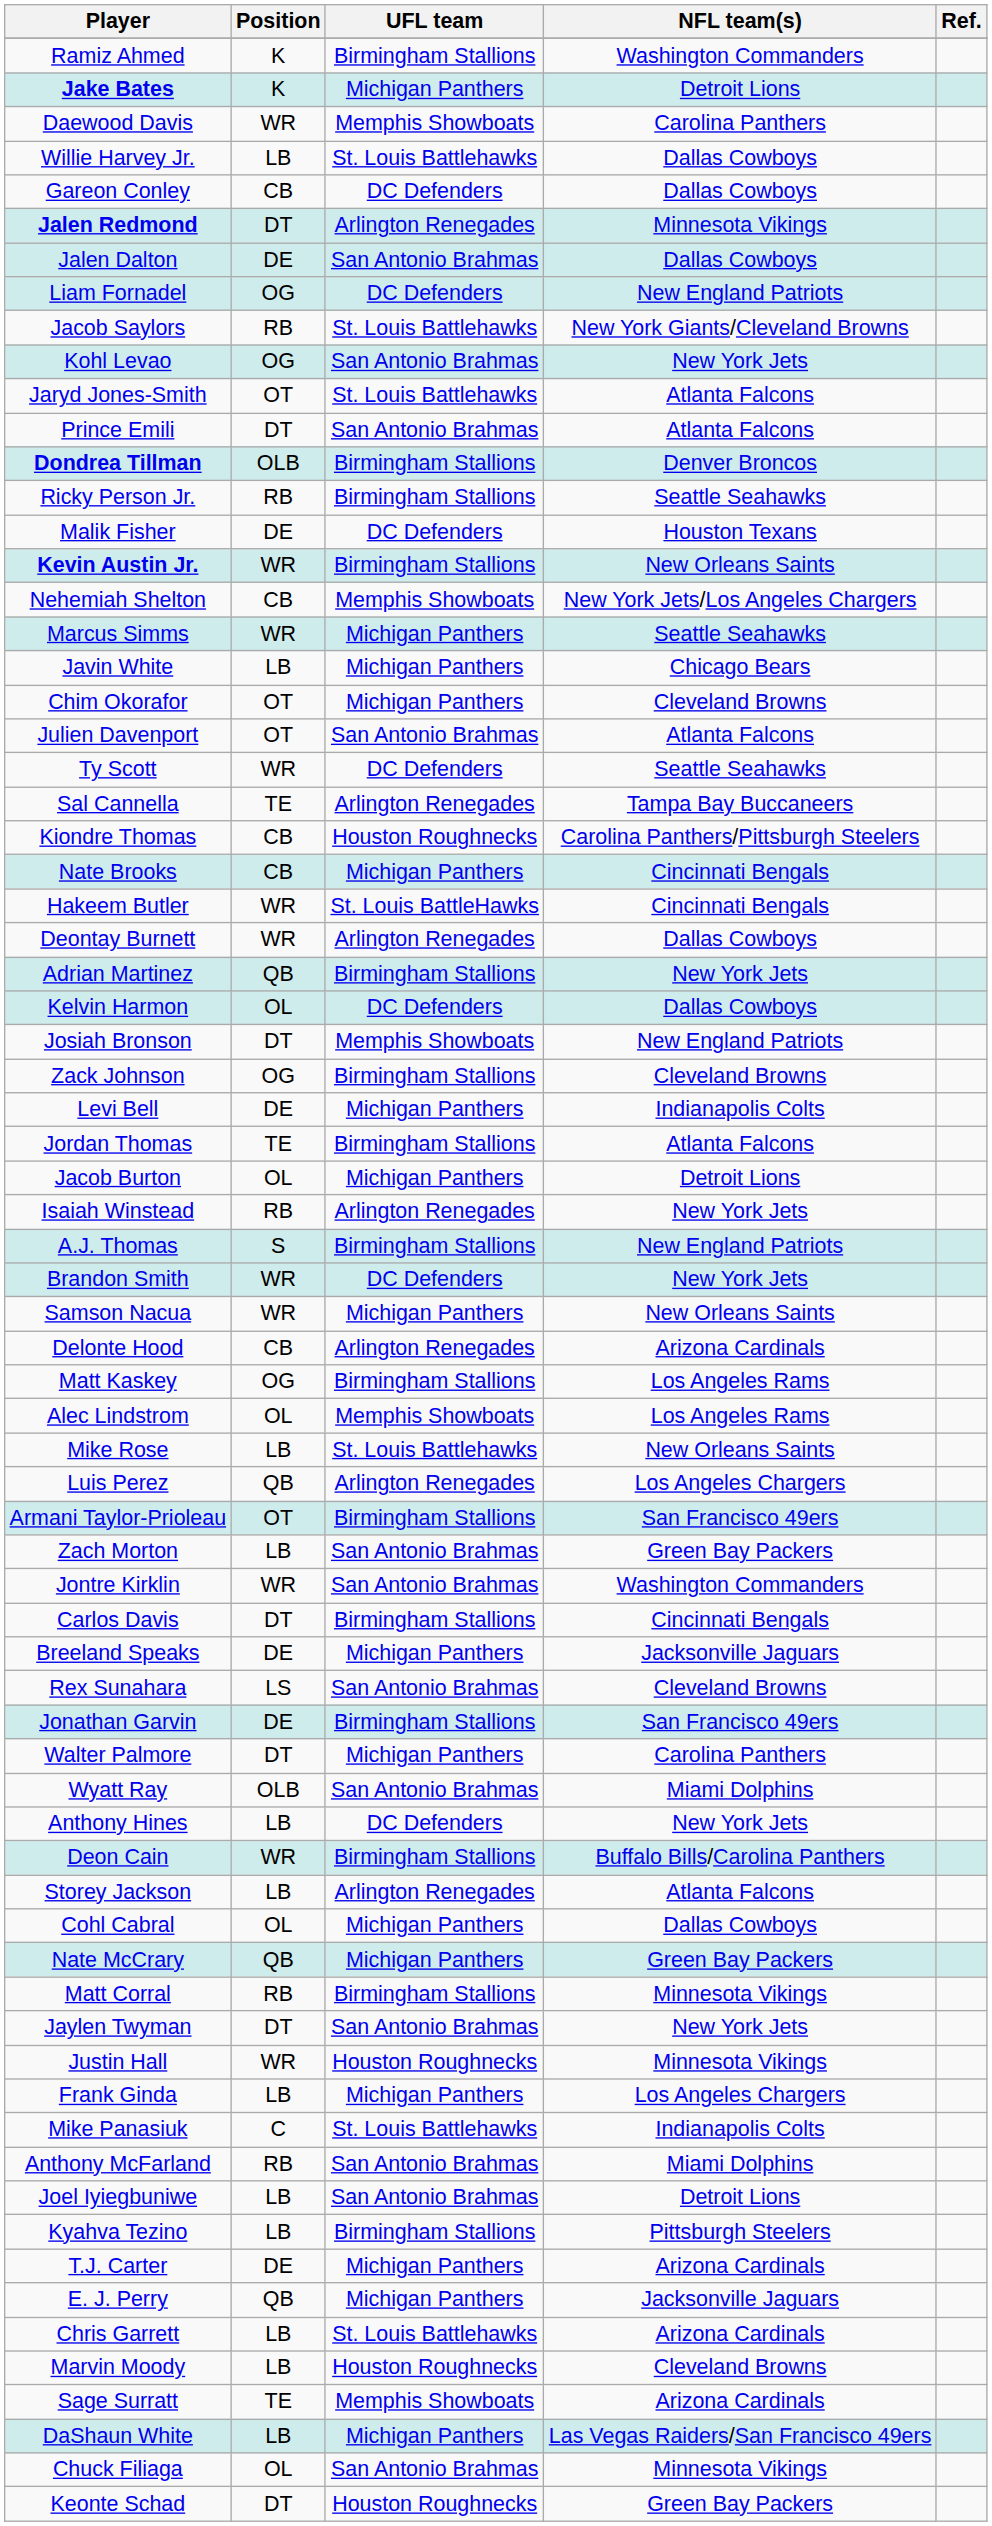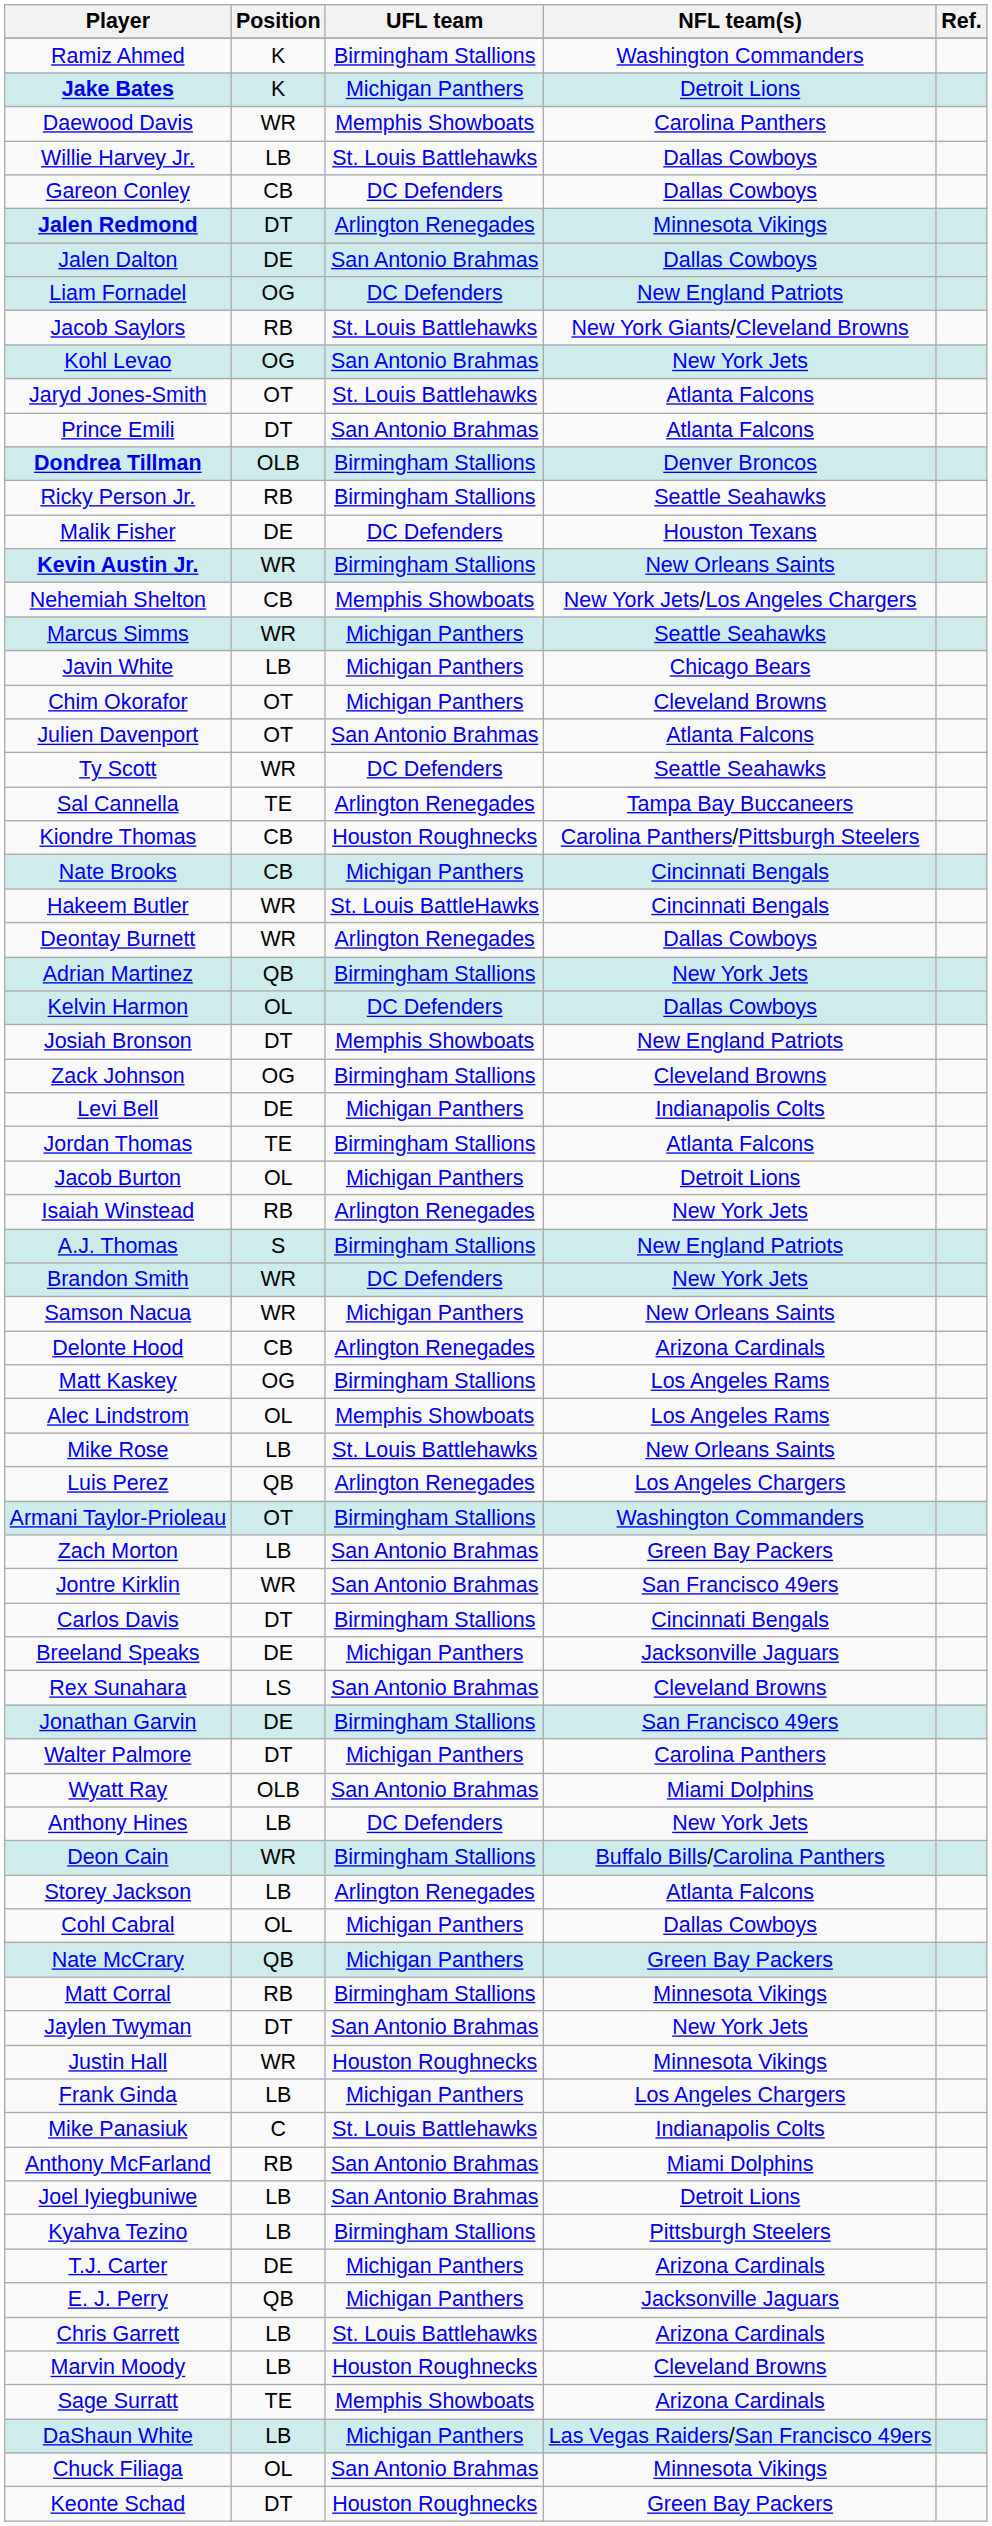 <table class="wikitable sortable" style="text-align:center;">
 <tr>
 <th>Player</th>
 <th>Position</th>
 <th>UFL team</th>
 <th>NFL team(s)</th>
 <th class=unsortable>Ref.</th>
 </tr>
 <tr>
 </tr>
 <tr>
 <td><a href='#'>Ramiz Ahmed</a></td>
 <td>K</td>
 <td><a href='#'>Birmingham Stallions</a></td>
 <td><a href='#'>Washington Commanders</a></td>
 <td></td>
 </tr>
 <tr style="background:#cfecec">
 <td><strong><a href='#'>Jake Bates</a></strong></td>
 <td>K</td>
 <td><a href='#'>Michigan Panthers</a></td>
 <td><a href='#'>Detroit Lions</a></td>
 <td></td>
 </tr>
 <tr>
 <td><a href='#'>Daewood Davis</a></td>
 <td>WR</td>
 <td><a href='#'>Memphis Showboats</a></td>
 <td><a href='#'>Carolina Panthers</a></td>
 <td></td>
 </tr>
 <tr>
 <td><a href='#'>Willie Harvey Jr.</a></td>
 <td>LB</td>
 <td><a href='#'>St. Louis Battlehawks</a></td>
 <td><a href='#'>Dallas Cowboys</a></td>
 <td></td>
 </tr>
 <tr>
 <td><a href='#'>Gareon Conley</a></td>
 <td>CB</td>
 <td><a href='#'>DC Defenders</a></td>
 <td><a href='#'>Dallas Cowboys</a></td>
 <td></td>
 </tr>
 <tr style="background:#cfecec">
 <td><strong><a href='#'>Jalen Redmond</a></strong></td>
 <td>DT</td>
 <td><a href='#'>Arlington Renegades</a></td>
 <td><a href='#'>Minnesota Vikings</a></td>
 <td></td>
 </tr>
 <tr style="background:#cfecec">
 <td><a href='#'>Jalen Dalton</a></td>
 <td>DE</td>
 <td><a href='#'>San Antonio Brahmas</a></td>
 <td><a href='#'>Dallas Cowboys</a></td>
 <td></td>
 </tr>
 <tr style="background:#cfecec;">
 <td><a href='#'>Liam Fornadel</a></td>
 <td>OG</td>
 <td><a href='#'>DC Defenders</a></td>
 <td><a href='#'>New England Patriots</a></td>
 <td></td>
 </tr>
 <tr>
 <td><a href='#'>Jacob Saylors</a></td>
 <td>RB</td>
 <td><a href='#'>St. Louis Battlehawks</a></td>
 <td><a href='#'>New York Giants</a>/<a href='#'>Cleveland Browns</a></td>
 <td> </td>
 </tr>
 <tr style="background:#cfecec;">
 <td><a href='#'>Kohl Levao</a></td>
 <td>OG</td>
 <td><a href='#'>San Antonio Brahmas</a></td>
 <td><a href='#'>New York Jets</a></td>
 <td></td>
 </tr>
 <tr>
 <td><a href='#'>Jaryd Jones-Smith</a></td>
 <td>OT</td>
 <td><a href='#'>St. Louis Battlehawks</a></td>
 <td><a href='#'>Atlanta Falcons</a></td>
 <td></td>
 </tr>
 <tr>
 <td><a href='#'>Prince Emili</a></td>
 <td>DT</td>
 <td><a href='#'>San Antonio Brahmas</a></td>
 <td><a href='#'>Atlanta Falcons</a></td>
 <td></td>
 </tr>
 <tr style="background:#cfecec;">
 <td><strong><a href='#'>Dondrea Tillman</a></strong></td>
 <td>OLB</td>
 <td><a href='#'>Birmingham Stallions</a></td>
 <td><a href='#'>Denver Broncos</a></td>
 <td></td>
 </tr>
 <tr>
 <td><a href='#'>Ricky Person Jr.</a></td>
 <td>RB</td>
 <td><a href='#'>Birmingham Stallions</a></td>
 <td><a href='#'>Seattle Seahawks</a></td>
 <td></td>
 </tr>
 <tr>
 <td><a href='#'>Malik Fisher</a></td>
 <td>DE</td>
 <td><a href='#'>DC Defenders</a></td>
 <td><a href='#'>Houston Texans</a></td>
 <td></td>
 </tr>
 <tr style="background:#cfecec;">
 <td><strong><a href='#'>Kevin Austin Jr.</a></strong></td>
 <td>WR</td>
 <td><a href='#'>Birmingham Stallions</a></td>
 <td><a href='#'>New Orleans Saints</a></td>
 <td></td>
 </tr>
 <tr>
 <td><a href='#'>Nehemiah Shelton</a></td>
 <td>CB</td>
 <td><a href='#'>Memphis Showboats</a></td>
 <td><a href='#'>New York Jets</a>/<a href='#'>Los Angeles Chargers</a></td>
 <td> </td>
 </tr>
 <tr style="background:#cfecec;">
 <td><a href='#'>Marcus Simms</a></td>
 <td>WR</td>
 <td><a href='#'>Michigan Panthers</a></td>
 <td><a href='#'>Seattle Seahawks</a></td>
 <td></td>
 </tr>
 <tr>
 <td><a href='#'>Javin White</a></td>
 <td>LB</td>
 <td><a href='#'>Michigan Panthers</a></td>
 <td><a href='#'>Chicago Bears</a></td>
 <td></td>
 </tr>
 <tr>
 <td><a href='#'>Chim Okorafor</a></td>
 <td>OT</td>
 <td><a href='#'>Michigan Panthers</a></td>
 <td><a href='#'>Cleveland Browns</a></td>
 <td></td>
 </tr>
 <tr>
 <td><a href='#'>Julien Davenport</a></td>
 <td>OT</td>
 <td><a href='#'>San Antonio Brahmas</a></td>
 <td><a href='#'>Atlanta Falcons</a></td>
 <td></td>
 </tr>
 <tr>
 <td><a href='#'>Ty Scott</a></td>
 <td>WR</td>
 <td><a href='#'>DC Defenders</a></td>
 <td><a href='#'>Seattle Seahawks</a></td>
 <td></td>
 </tr>
 <tr>
 <td><a href='#'>Sal Cannella</a></td>
 <td>TE</td>
 <td><a href='#'>Arlington Renegades</a></td>
 <td><a href='#'>Tampa Bay Buccaneers</a></td>
 <td></td>
 </tr>
 <tr>
 <td><a href='#'>Kiondre Thomas</a></td>
 <td>CB</td>
 <td><a href='#'>Houston Roughnecks</a></td>
 <td><a href='#'>Carolina Panthers</a>/<a href='#'>Pittsburgh Steelers</a></td>
 <td> </td>
 </tr>
 <tr style="background:#cfecec;">
 <td><a href='#'>Nate Brooks</a></td>
 <td>CB</td>
 <td><a href='#'>Michigan Panthers</a></td>
 <td><a href='#'>Cincinnati Bengals</a></td>
 <td></td>
 </tr>
 <tr>
 <td><a href='#'>Hakeem Butler</a></td>
 <td>WR</td>
 <td><a href='#'>St. Louis BattleHawks</a></td>
 <td><a href='#'>Cincinnati Bengals</a></td>
 <td></td>
 </tr>
 <tr>
 <td><a href='#'>Deontay Burnett</a></td>
 <td>WR</td>
 <td><a href='#'>Arlington Renegades</a></td>
 <td><a href='#'>Dallas Cowboys</a></td>
 <td></td>
 </tr>
 <tr style="background:#cfecec;">
 <td><a href='#'>Adrian Martinez</a></td>
 <td>QB</td>
 <td><a href='#'>Birmingham Stallions</a></td>
 <td><a href='#'>New York Jets</a></td>
 <td></td>
 </tr>
 <tr style="background:#cfecec;">
 <td><a href='#'>Kelvin Harmon</a></td>
 <td>OL</td>
 <td><a href='#'>DC Defenders</a></td>
 <td><a href='#'>Dallas Cowboys</a></td>
 <td></td>
 </tr>
 <tr>
 <td><a href='#'>Josiah Bronson</a></td>
 <td>DT</td>
 <td><a href='#'>Memphis Showboats</a></td>
 <td><a href='#'>New England Patriots</a></td>
 <td></td>
 </tr>
 <tr>
 <td><a href='#'>Zack Johnson</a></td>
 <td>OG</td>
 <td><a href='#'>Birmingham Stallions</a></td>
 <td><a href='#'>Cleveland Browns</a></td>
 <td></td>
 </tr>
 <tr>
 <td><a href='#'>Levi Bell</a></td>
 <td>DE</td>
 <td><a href='#'>Michigan Panthers</a></td>
 <td><a href='#'>Indianapolis Colts</a></td>
 <td></td>
 </tr>
 <tr>
 <td><a href='#'>Jordan Thomas</a></td>
 <td>TE</td>
 <td><a href='#'>Birmingham Stallions</a></td>
 <td><a href='#'>Atlanta Falcons</a></td>
 <td></td>
 </tr>
 <tr>
 <td><a href='#'>Jacob Burton</a></td>
 <td>OL</td>
 <td><a href='#'>Michigan Panthers</a></td>
 <td><a href='#'>Detroit Lions</a></td>
 <td></td>
 </tr>
 <tr>
 <td><a href='#'>Isaiah Winstead</a></td>
 <td>RB</td>
 <td><a href='#'>Arlington Renegades</a></td>
 <td><a href='#'>New York Jets</a></td>
 <td></td>
 </tr>
 <tr style="background:#cfecec;">
 <td><a href='#'>A.J. Thomas</a></td>
 <td>S</td>
 <td><a href='#'>Birmingham Stallions</a></td>
 <td><a href='#'>New England Patriots</a></td>
 <td></td>
 </tr>
 <tr style="background:#cfecec;">
 <td><a href='#'>Brandon Smith</a></td>
 <td>WR</td>
 <td><a href='#'>DC Defenders</a></td>
 <td><a href='#'>New York Jets</a></td>
 <td></td>
 </tr>
 <tr>
 <td><a href='#'>Samson Nacua</a></td>
 <td>WR</td>
 <td><a href='#'>Michigan Panthers</a></td>
 <td><a href='#'>New Orleans Saints</a></td>
 <td></td>
 </tr>
 <tr>
 <td><a href='#'>Delonte Hood</a></td>
 <td>CB</td>
 <td><a href='#'>Arlington Renegades</a></td>
 <td><a href='#'>Arizona Cardinals</a></td>
 <td></td>
 </tr>
 <tr>
 <td><a href='#'>Matt Kaskey</a></td>
 <td>OG</td>
 <td><a href='#'>Birmingham Stallions</a></td>
 <td><a href='#'>Los Angeles Rams</a></td>
 <td></td>
 </tr>
 <tr>
 <td><a href='#'>Alec Lindstrom</a></td>
 <td>OL</td>
 <td><a href='#'>Memphis Showboats</a></td>
 <td><a href='#'>Los Angeles Rams</a></td>
 <td></td>
 </tr>
 <tr>
 <td><a href='#'>Mike Rose</a></td>
 <td>LB</td>
 <td><a href='#'>St. Louis Battlehawks</a></td>
 <td><a href='#'>New Orleans Saints</a></td>
 <td></td>
 </tr>
 <tr>
 <td><a href='#'>Luis Perez</a></td>
 <td>QB</td>
 <td><a href='#'>Arlington Renegades</a></td>
 <td><a href='#'>Los Angeles Chargers</a></td>
 <td></td>
 </tr>
 <tr style="background:#cfecec;">
 <td><a href='#'>Armani Taylor-Prioleau</a></td>
 <td>OT</td>
 <td><a href='#'>Birmingham Stallions</a></td>
-<td><a href='#'>San Francisco 49ers</a></td>
+<td><a href='#'>Washington Commanders</a></td>
 <td></td>
 </tr>
 <tr>
 <td><a href='#'>Zach Morton</a></td>
 <td>LB</td>
 <td><a href='#'>San Antonio Brahmas</a></td>
 <td><a href='#'>Green Bay Packers</a></td>
 <td></td>
 </tr>
 <tr>
 <td><a href='#'>Jontre Kirklin</a></td>
 <td>WR</td>
 <td><a href='#'>San Antonio Brahmas</a></td>
-<td><a href='#'>Washington Commanders</a></td>
+<td><a href='#'>San Francisco 49ers</a></td>
 <td></td>
 </tr>
 <tr>
 <td><a href='#'>Carlos Davis</a></td>
 <td>DT</td>
 <td><a href='#'>Birmingham Stallions</a></td>
 <td><a href='#'>Cincinnati Bengals</a></td>
 <td></td>
 </tr>
 <tr>
 <td><a href='#'>Breeland Speaks</a></td>
 <td>DE</td>
 <td><a href='#'>Michigan Panthers</a></td>
 <td><a href='#'>Jacksonville Jaguars</a></td>
 <td></td>
 </tr>
 <tr>
 <td><a href='#'>Rex Sunahara</a></td>
 <td>LS</td>
 <td><a href='#'>San Antonio Brahmas</a></td>
 <td><a href='#'>Cleveland Browns</a></td>
 <td></td>
 </tr>
 <tr style="background:#cfecec;">
 <td><a href='#'>Jonathan Garvin</a></td>
 <td>DE</td>
 <td><a href='#'>Birmingham Stallions</a></td>
 <td><a href='#'>San Francisco 49ers</a></td>
 <td></td>
 </tr>
 <tr>
 <td><a href='#'>Walter Palmore</a></td>
 <td>DT</td>
 <td><a href='#'>Michigan Panthers</a></td>
 <td><a href='#'>Carolina Panthers</a></td>
 <td></td>
 </tr>
 <tr>
 <td><a href='#'>Wyatt Ray</a></td>
 <td>OLB</td>
 <td><a href='#'>San Antonio Brahmas</a></td>
 <td><a href='#'>Miami Dolphins</a></td>
 <td></td>
 </tr>
 <tr>
 <td><a href='#'>Anthony Hines</a></td>
 <td>LB</td>
 <td><a href='#'>DC Defenders</a></td>
 <td><a href='#'>New York Jets</a></td>
 <td></td>
 </tr>
 <tr style="background:#cfecec;">
 <td><a href='#'>Deon Cain</a></td>
 <td>WR</td>
 <td><a href='#'>Birmingham Stallions</a></td>
 <td><a href='#'>Buffalo Bills</a>/<a href='#'>Carolina Panthers</a></td>
 <td></td>
 </tr>
 <tr>
 <td><a href='#'>Storey Jackson</a></td>
 <td>LB</td>
 <td><a href='#'>Arlington Renegades</a></td>
 <td><a href='#'>Atlanta Falcons</a></td>
 <td></td>
 </tr>
 <tr>
 <td><a href='#'>Cohl Cabral</a></td>
 <td>OL</td>
 <td><a href='#'>Michigan Panthers</a></td>
 <td><a href='#'>Dallas Cowboys</a></td>
 <td></td>
 </tr>
 <tr style="background:#cfecec;">
 <td><a href='#'>Nate McCrary</a></td>
 <td>QB</td>
 <td><a href='#'>Michigan Panthers</a></td>
 <td><a href='#'>Green Bay Packers</a></td>
 <td></td>
 </tr>
 <tr>
 <td><a href='#'>Matt Corral</a></td>
 <td>RB</td>
 <td><a href='#'>Birmingham Stallions</a></td>
 <td><a href='#'>Minnesota Vikings</a></td>
 <td></td>
 </tr>
 <tr>
 <td><a href='#'>Jaylen Twyman</a></td>
 <td>DT</td>
 <td><a href='#'>San Antonio Brahmas</a></td>
 <td><a href='#'>New York Jets</a></td>
 <td></td>
 </tr>
 <tr>
 <td><a href='#'>Justin Hall</a></td>
 <td>WR</td>
 <td><a href='#'>Houston Roughnecks</a></td>
 <td><a href='#'>Minnesota Vikings</a></td>
 <td></td>
 </tr>
 <tr>
 <td><a href='#'>Frank Ginda</a></td>
 <td>LB</td>
 <td><a href='#'>Michigan Panthers</a></td>
 <td><a href='#'>Los Angeles Chargers</a></td>
 <td></td>
 </tr>
 <tr>
 <td><a href='#'>Mike Panasiuk</a></td>
 <td>C</td>
 <td><a href='#'>St. Louis Battlehawks</a></td>
 <td><a href='#'>Indianapolis Colts</a></td>
 <td></td>
 </tr>
 <tr>
 <td><a href='#'>Anthony McFarland</a></td>
 <td>RB</td>
 <td><a href='#'>San Antonio Brahmas</a></td>
 <td><a href='#'>Miami Dolphins</a></td>
 <td></td>
 </tr>
 <tr>
 <td><a href='#'>Joel Iyiegbuniwe</a></td>
 <td>LB</td>
 <td><a href='#'>San Antonio Brahmas</a></td>
 <td><a href='#'>Detroit Lions</a></td>
 <td></td>
 </tr>
 <tr>
 <td><a href='#'>Kyahva Tezino</a></td>
 <td>LB</td>
 <td><a href='#'>Birmingham Stallions</a></td>
 <td><a href='#'>Pittsburgh Steelers</a></td>
 <td></td>
 </tr>
 <tr>
 <td><a href='#'>T.J. Carter</a></td>
 <td>DE</td>
 <td><a href='#'>Michigan Panthers</a></td>
 <td><a href='#'>Arizona Cardinals</a></td>
 <td></td>
 </tr>
 <tr>
 <td><a href='#'>E. J. Perry</a></td>
 <td>QB</td>
 <td><a href='#'>Michigan Panthers</a></td>
 <td><a href='#'>Jacksonville Jaguars</a></td>
 <td></td>
 </tr>
 <tr>
 <td><a href='#'>Chris Garrett</a></td>
 <td>LB</td>
 <td><a href='#'>St. Louis Battlehawks</a></td>
 <td><a href='#'>Arizona Cardinals</a></td>
 <td></td>
 </tr>
 <tr>
 <td><a href='#'>Marvin Moody</a></td>
 <td>LB</td>
 <td><a href='#'>Houston Roughnecks</a></td>
 <td><a href='#'>Cleveland Browns</a></td>
 <td></td>
 </tr>
 <tr>
 <td><a href='#'>Sage Surratt</a></td>
 <td>TE</td>
 <td><a href='#'>Memphis Showboats</a></td>
 <td><a href='#'>Arizona Cardinals</a></td>
 <td></td>
 </tr>
 <tr style="background:#cfecec;">
 <td><a href='#'>DaShaun White</a></td>
 <td>LB</td>
 <td><a href='#'>Michigan Panthers</a></td>
 <td><a href='#'>Las Vegas Raiders</a>/<a href='#'>San Francisco 49ers</a></td>
 <td></td>
 </tr>
 <tr>
 <td><a href='#'>Chuck Filiaga</a></td>
 <td>OL</td>
 <td><a href='#'>San Antonio Brahmas</a></td>
 <td><a href='#'>Minnesota Vikings</a></td>
 <td></td>
 </tr>
 <tr>
 <td><a href='#'>Keonte Schad</a></td>
 <td>DT</td>
 <td><a href='#'>Houston Roughnecks</a></td>
 <td><a href='#'>Green Bay Packers</a></td>
 <td></td>
 </tr>
 </table>
